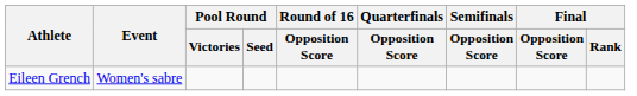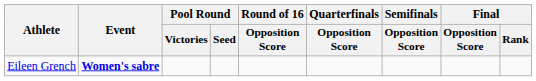 <table class=wikitable style="font-size:90%">
 <tr>
 <th rowspan="2">Athlete</th>
 <th rowspan="2">Event</th>
 <th colspan=2>Pool Round</th>
 <th>Round of 16</th>
 <th>Quarterfinals</th>
 <th>Semifinals</th>
 <th colspan=2>Final</th>
 </tr>
 <tr style="font-size:95%">
 <th>Victories</th>
 <th>Seed</th>
 <th>Opposition<br>Score</th>
 <th>Opposition<br>Score</th>
 <th>Opposition<br>Score</th>
 <th>Opposition<br>Score</th>
 <th>Rank</th>
 </tr>
 <tr align=center>
 <td align=left><a href='#'>Eileen Grench</a></td>
-<td align=left><a href='#'>Women's sabre</a></td>
+<td align=left><strong><a href='#'>Women's sabre</a></strong></td>
 <td></td>
 <td></td>
 <td></td>
 <td></td>
 <td></td>
 <td></td>
 <td></td>
 </tr>
 </table>
